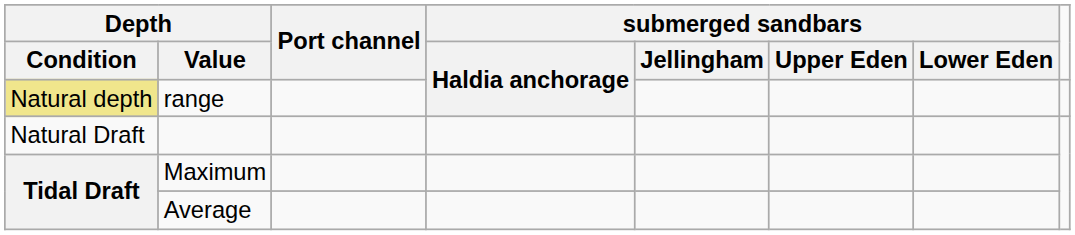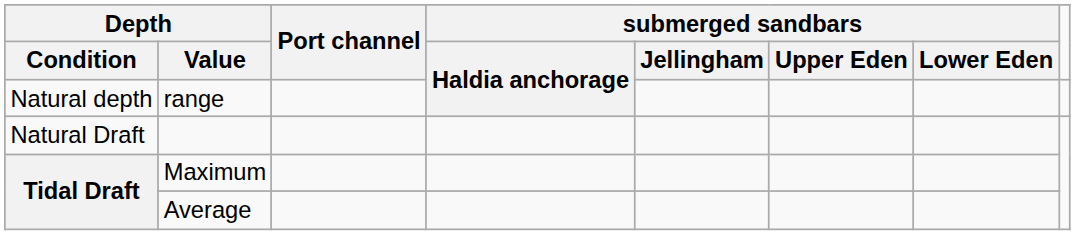 <table class="wikitable sortable" style="font-size: 85%">
 <tr>
 <th colspan="2">Depth</th>
 <th rowspan="2">Port channel</th>
 <th colspan="4">submerged sandbars</th>
 </tr>
 <tr>
 <th>Condition</th>
 <th>Value</th>
 <th rowspan="2">Haldia anchorage</th>
 <th>Jellingham</th>
 <th>Upper Eden</th>
 <th>Lower Eden</th>
 </tr>
 <tr>
-<td style="background: khaki;">Natural depth</td>
+<td>Natural depth</td>
 <td>range</td>
 <td></td>
 <td></td>
 <td></td>
 <td></td>
 <td></td>
 </tr>
 <tr>
 <td>Natural Draft</td>
 <td></td>
 <td></td>
 <td></td>
 <td></td>
 <td></td>
 <td></td>
 </tr>
 <tr>
 <th rowspan="2">Tidal Draft</th>
 <td>Maximum</td>
 <td></td>
 <td></td>
 <td></td>
 <td></td>
 <td></td>
 </tr>
 <tr>
 <td>Average</td>
 <td></td>
 <td></td>
 <td></td>
 <td></td>
 <td></td>
 </tr>
 </table>
